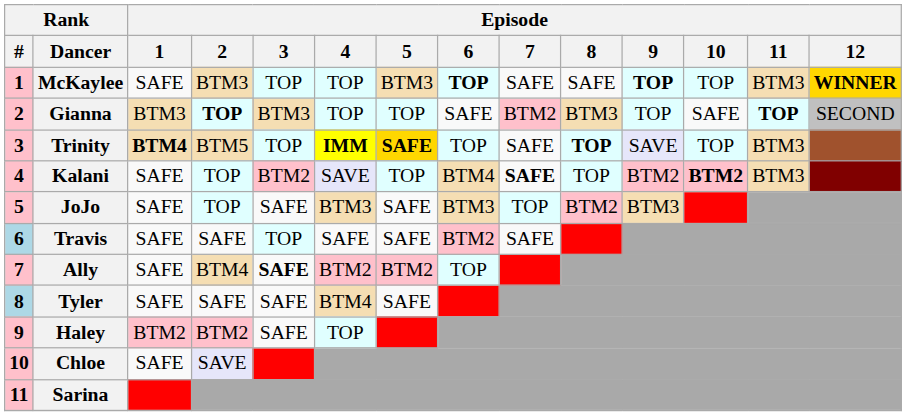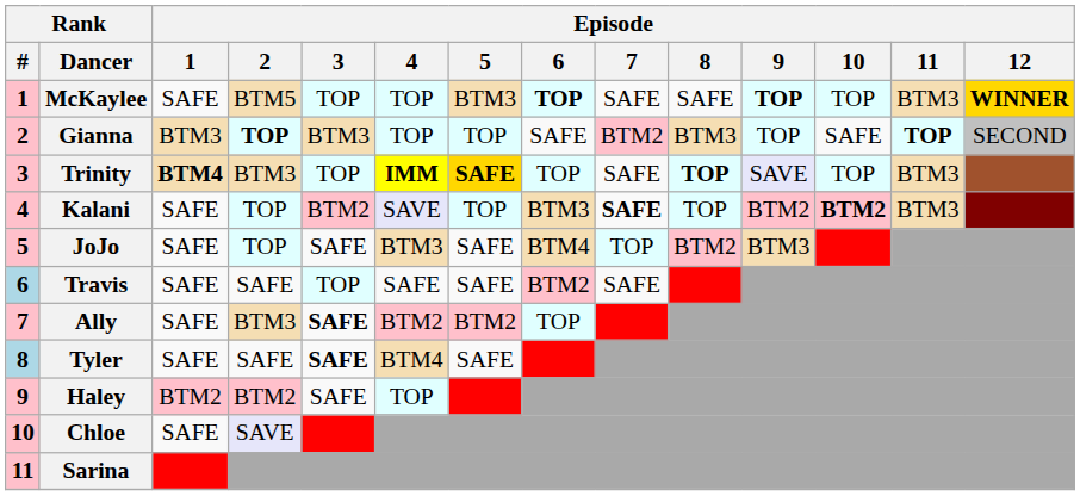 <table class="wikitable plainrowheaders" style="text-align:center;">
 <tr>
 <th scope="col" colspan="2">Rank</th>
 <th scope="col" colspan="12">Episode</th>
 </tr>
 <tr>
 <th scope="col">#</th>
 <th scope="col">Dancer</th>
 <th scope="col">1</th>
 <th scope="col">2</th>
 <th scope="col">3</th>
 <th scope="col">4</th>
 <th scope="col">5</th>
 <th scope="col">6</th>
 <th scope="col">7</th>
 <th scope="col">8</th>
 <th scope="col">9</th>
 <th scope="col">10</th>
 <th scope="col">11</th>
 <th scope="col">12</th>
 </tr>
 <tr>
 <td style="background:pink;"><strong>1</strong></td>
 <th><strong>McKaylee</strong></th>
 <td>SAFE</td>
-<td style="background:wheat;">BTM3</td>
+<td style="background:wheat;">BTM5</td>
 <td style="background:lightcyan;">TOP</td>
 <td style="background:lightcyan;">TOP</td>
 <td style="background:wheat;">BTM3</td>
 <td style="background:lightcyan;"><strong>TOP</strong></td>
 <td>SAFE</td>
 <td>SAFE</td>
 <td style="background:lightcyan;"><strong>TOP</strong></td>
 <td style="background:lightcyan;">TOP</td>
 <td style="background:wheat;">BTM3</td>
 <td style="background:gold;"><strong>WINNER</strong></td>
 </tr>
 <tr>
 <td style="background:pink;"><strong>2</strong></td>
 <th><strong>Gianna</strong></th>
 <td style="background:wheat;">BTM3</td>
 <td style="background:lightcyan;"><strong>TOP</strong></td>
 <td style="background:wheat;">BTM3</td>
 <td style="background:lightcyan;">TOP</td>
 <td style="background:lightcyan;">TOP</td>
 <td>SAFE</td>
 <td style="background:pink;">BTM2</td>
 <td style="background:wheat;">BTM3</td>
 <td style="background:lightcyan;">TOP</td>
 <td>SAFE</td>
 <td style="background:lightcyan;"><strong>TOP</strong></td>
 <td style="background:silver;">SECOND</td>
 </tr>
 <tr>
 <td style="background:pink;"><strong>3</strong></td>
 <th><strong>Trinity</strong></th>
 <td style="background:wheat;"><strong>BTM4</strong></td>
-<td style="background:wheat;">BTM5</td>
+<td style="background:wheat;">BTM3</td>
 <td style="background:lightcyan;">TOP</td>
 <td style="background:yellow;”"><strong>IMM</strong></td>
 <td style="background: gold;"><strong>SAFE</strong></td>
 <td style="background:lightcyan;">TOP</td>
 <td>SAFE</td>
 <td style="background:lightcyan;"><strong>TOP</strong></td>
 <td style="background:lavender;">SAVE</td>
 <td style="background:lightcyan;">TOP</td>
 <td style="background:wheat;">BTM3</td>
 <td style="background:sienna;"></td>
 </tr>
 <tr>
 <td style="background:pink;"><strong>4</strong></td>
 <th><strong>Kalani</strong></th>
 <td>SAFE</td>
 <td style="background:lightcyan;">TOP</td>
 <td style="background:pink;">BTM2</td>
 <td style="background:lavender;">SAVE</td>
 <td style="background:lightcyan;">TOP</td>
-<td style="background:wheat;">BTM4</td>
+<td style="background:wheat;">BTM3</td>
 <td><strong>SAFE</strong></td>
 <td style="background:lightcyan;">TOP</td>
 <td style="background:pink;">BTM2</td>
 <td style="background:pink;"><strong>BTM2</strong></td>
 <td style="background:wheat;">BTM3</td>
 <td style="background:maroon;"></td>
 </tr>
 <tr>
 <td style="background:pink;"><strong>5</strong></td>
 <th><strong>JoJo</strong></th>
 <td>SAFE</td>
 <td style="background:lightcyan;">TOP</td>
 <td>SAFE</td>
 <td style="background:wheat;">BTM3</td>
 <td>SAFE</td>
-<td style="background:wheat;">BTM3</td>
+<td style="background:wheat;">BTM4</td>
 <td style="background:lightcyan;">TOP</td>
 <td style="background:pink;">BTM2</td>
 <td style="background:wheat;">BTM3</td>
 <td style="background:red;"></td>
 <td style="background:darkgrey;" colspan="3"></td>
 </tr>
 <tr>
 <td style="background:lightblue;"><strong>6</strong></td>
 <th><strong>Travis</strong></th>
 <td>SAFE</td>
 <td>SAFE</td>
 <td style="background:lightcyan;">TOP</td>
 <td>SAFE</td>
 <td>SAFE</td>
 <td style="background:pink;">BTM2</td>
 <td>SAFE</td>
 <td style="background:red;"></td>
 <td style="background:darkgrey;" colspan="5"></td>
 </tr>
 <tr>
 <td style="background:pink;"><strong>7</strong></td>
 <th><strong>Ally</strong></th>
 <td>SAFE</td>
-<td style="background:wheat;">BTM4</td>
+<td style="background:wheat;">BTM3</td>
 <td><strong>SAFE</strong></td>
 <td style="background:pink;">BTM2</td>
 <td style="background:pink;">BTM2</td>
 <td style="background:lightcyan;">TOP</td>
 <td style="background:red;"></td>
 <td style="background:darkgrey;" colspan="6"></td>
 </tr>
 <tr>
 <td style="background:lightblue;"><strong>8</strong></td>
 <th><strong>Tyler</strong></th>
 <td>SAFE</td>
 <td>SAFE</td>
-<td>SAFE</td>
+<td><strong>SAFE</strong></td>
 <td style="background:wheat;">BTM4</td>
 <td>SAFE</td>
 <td style="background:red;"></td>
 <td style="background:darkgrey;" colspan="7"></td>
 </tr>
 <tr>
 <td style="background:pink;"><strong>9</strong></td>
 <th><strong>Haley</strong></th>
 <td style="background:pink;">BTM2</td>
 <td style="background:pink;">BTM2</td>
 <td>SAFE</td>
 <td style="background:lightcyan;">TOP</td>
 <td style="background:red;"></td>
 <td style="background:darkgrey;" colspan="8"></td>
 </tr>
 <tr>
 <td style="background:pink;"><strong>10</strong></td>
 <th><strong>Chloe</strong></th>
 <td>SAFE</td>
 <td style="background:lavender;">SAVE</td>
 <td style="background:red;"></td>
 <td style="background:darkgrey;" colspan="9"></td>
 </tr>
 <tr>
 <td style="background:pink;"><strong>11</strong></td>
 <th><strong>Sarina</strong></th>
 <td style="background:red;"></td>
 <td style="background:darkgrey;" colspan="11"></td>
 </tr>
 <tr>
 </tr>
 </table>
